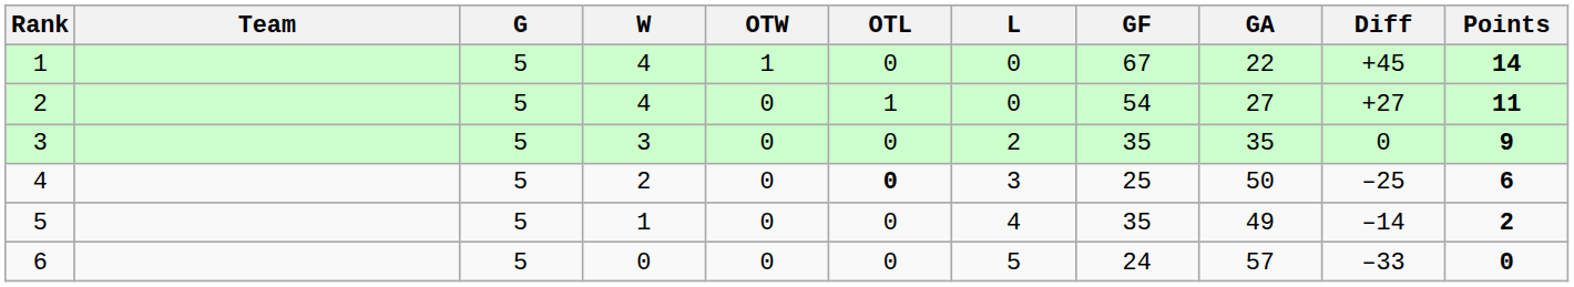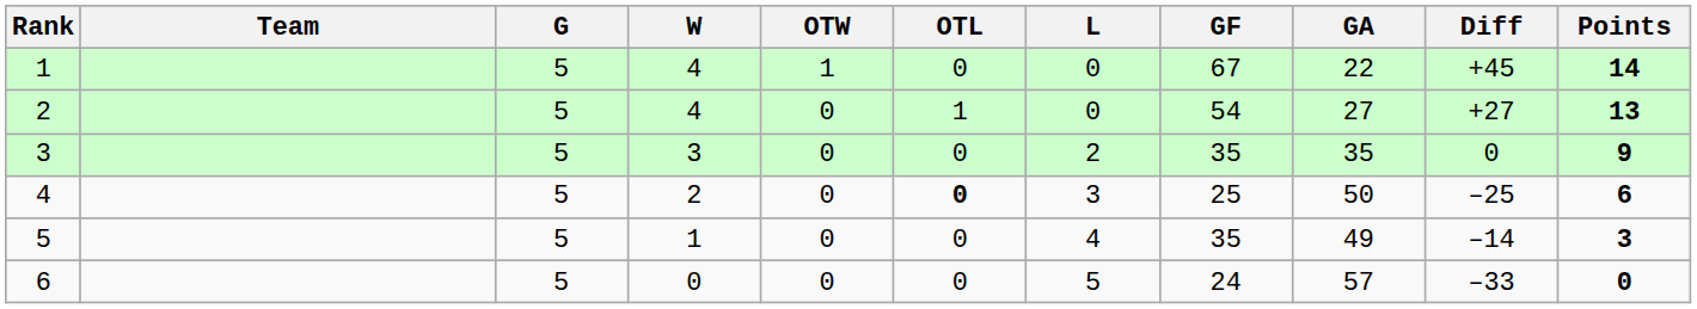 <table class=wikitable style="text-align:center">
 <tr>
 <th width="25">Rank</th>
 <th width="200">Team</th>
 <th width="60">G</th>
 <th width="60">W</th>
 <th width="60">OTW</th>
 <th width="60">OTL</th>
 <th width="60">L</th>
 <th width="60">GF</th>
 <th width="60">GA</th>
 <th width="60">Diff</th>
 <th width="60">Points</th>
 </tr>
 <tr bgcolor=#CCFFCC>
 <td>1</td>
 <td align=left></td>
 <td>5</td>
 <td>4</td>
 <td>1</td>
 <td>0</td>
 <td>0</td>
 <td>67</td>
 <td>22</td>
 <td>+45</td>
 <td><strong>14</strong></td>
 </tr>
 <tr bgcolor=#CCFFCC>
 <td>2</td>
 <td align=left></td>
 <td>5</td>
 <td>4</td>
 <td>0</td>
 <td>1</td>
 <td>0</td>
 <td>54</td>
 <td>27</td>
 <td>+27</td>
-<td><strong>11</strong></td>
+<td><strong>13</strong></td>
 </tr>
 <tr bgcolor=#CCFFCC>
 <td>3</td>
 <td align=left></td>
 <td>5</td>
 <td>3</td>
 <td>0</td>
 <td>0</td>
 <td>2</td>
 <td>35</td>
 <td>35</td>
 <td>0</td>
 <td><strong>9</strong></td>
 </tr>
 <tr>
 <td>4</td>
 <td align=left></td>
 <td>5</td>
 <td>2</td>
 <td>0</td>
 <td><strong>0</strong></td>
 <td>3</td>
 <td>25</td>
 <td>50</td>
 <td>–25</td>
 <td><strong>6</strong></td>
 </tr>
 <tr>
 <td>5</td>
 <td align=left></td>
 <td>5</td>
 <td>1</td>
 <td>0</td>
 <td>0</td>
 <td>4</td>
 <td>35</td>
 <td>49</td>
 <td>–14</td>
-<td><strong>2</strong></td>
+<td><strong>3</strong></td>
 </tr>
 <tr>
 <td>6</td>
 <td align=left></td>
 <td>5</td>
 <td>0</td>
 <td>0</td>
 <td>0</td>
 <td>5</td>
 <td>24</td>
 <td>57</td>
 <td>–33</td>
 <td><strong>0</strong></td>
 </tr>
 </table>
